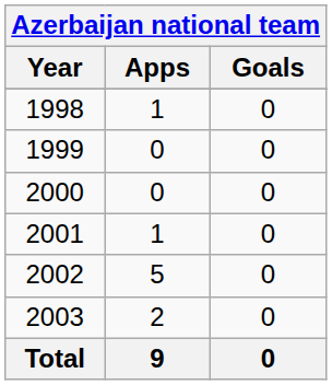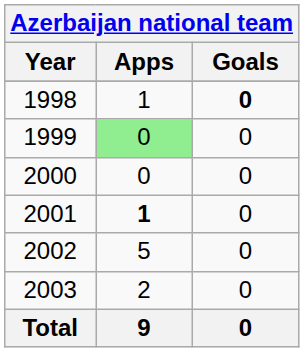 <table class="wikitable" style="text-align:center">
 <tr>
 <th colspan=3><a href='#'>Azerbaijan national team</a></th>
 </tr>
 <tr>
 <th>Year</th>
 <th>Apps</th>
 <th>Goals</th>
 </tr>
 <tr>
 </tr>
 <tr>
 <td>1998</td>
 <td>1</td>
-<td>0</td>
+<td><strong>0</strong></td>
 </tr>
 <tr>
 <td>1999</td>
-<td>0</td>
+<td style="background: lightgreen;">0</td>
 <td>0</td>
 </tr>
 <tr>
 <td>2000</td>
 <td>0</td>
 <td>0</td>
 </tr>
 <tr>
 <td>2001</td>
-<td>1</td>
+<td><strong>1</strong></td>
 <td>0</td>
 </tr>
 <tr>
 <td>2002</td>
 <td>5</td>
 <td>0</td>
 </tr>
 <tr>
 <td>2003</td>
 <td>2</td>
 <td>0</td>
 </tr>
 <tr>
 <th>Total</th>
 <th>9</th>
 <th>0</th>
 </tr>
 </table>
